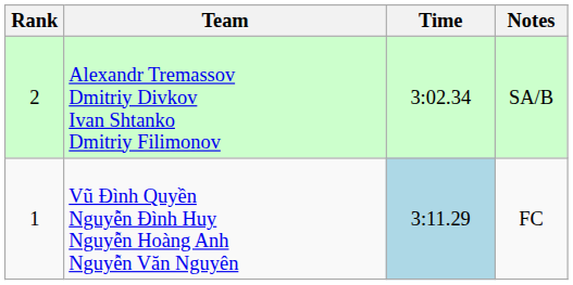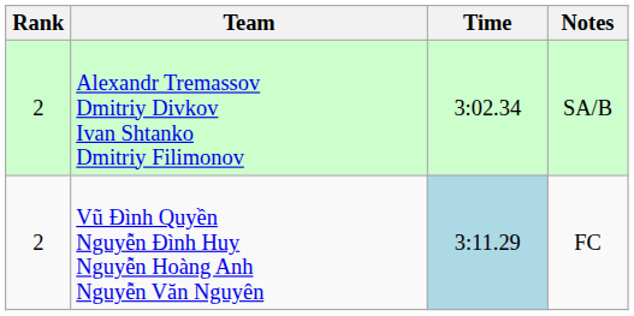 <table class=wikitable style="text-align:center">
 <tr>
 <th width=40>Rank</th>
 <th width=250>Team</th>
 <th width=80>Time</th>
 <th width=50>Notes</th>
 </tr>
 <tr bgcolor="ccffcc">
 <td>2</td>
 <td align=left><br><a href='#'>Alexandr Tremassov</a><br><a href='#'>Dmitriy Divkov</a><br><a href='#'>Ivan Shtanko</a><br><a href='#'>Dmitriy Filimonov</a></td>
 <td>3:02.34</td>
 <td>SA/B</td>
 </tr>
 <tr>
-<td>1</td>
+<td>2</td>
 <td align=left><br><a href='#'>Vũ Đình Quyền</a><br><a href='#'>Nguyễn Đình Huy</a><br><a href='#'>Nguyễn Hoàng Anh</a><br><a href='#'>Nguyễn Văn Nguyên</a></td>
 <td style="background: lightblue;">3:11.29</td>
 <td>FC</td>
 </tr>
 </table>
